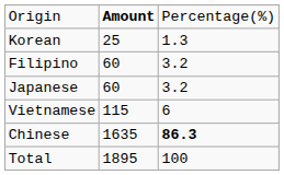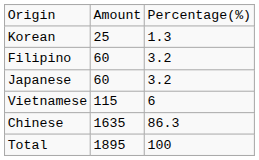 <table class="wikitable">
 <tr>
 </tr>
 <tr>
 <td>Origin</td>
-<td><strong>Amount</strong></td>
+<td>Amount</td>
 <td>Percentage(%)</td>
 </tr>
 <tr>
 <td>Korean</td>
 <td>25</td>
 <td>1.3</td>
 </tr>
 <tr>
 <td>Filipino</td>
 <td>60</td>
 <td>3.2</td>
 </tr>
 <tr>
 <td>Japanese</td>
 <td>60</td>
 <td>3.2</td>
 </tr>
 <tr>
 <td>Vietnamese</td>
 <td>115</td>
 <td>6</td>
 </tr>
 <tr>
 <td>Chinese</td>
 <td>1635</td>
-<td><strong>86.3</strong></td>
+<td>86.3</td>
 </tr>
 <tr>
 <td>Total</td>
 <td>1895</td>
 <td>100</td>
 </tr>
 </table>
